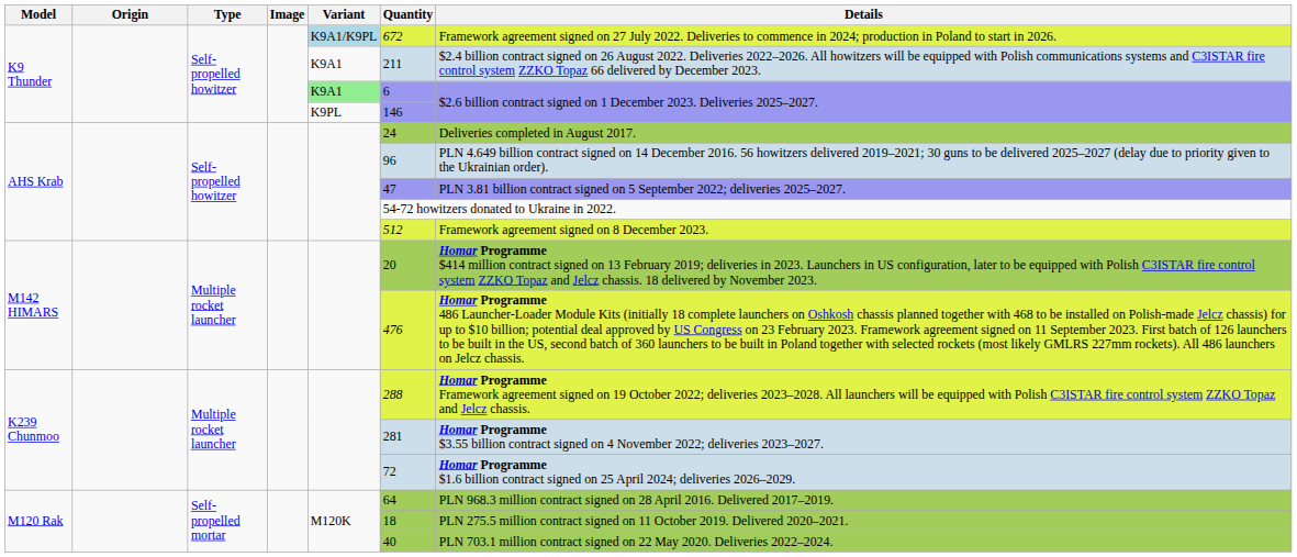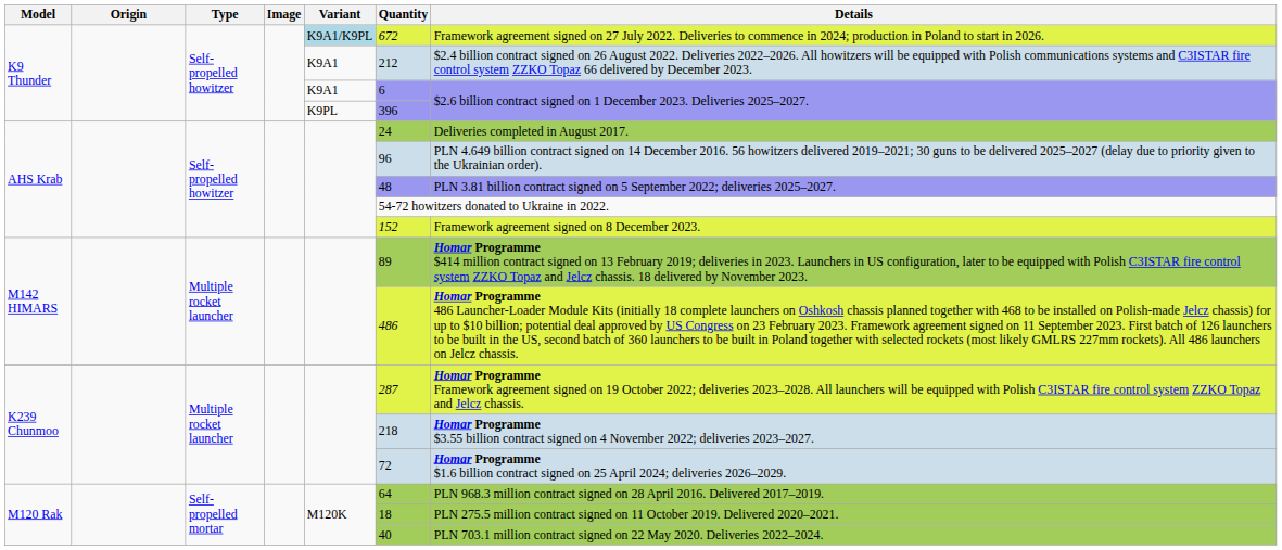 <table class="wikitable" width="100%">
 <tr>
 <th>Model</th>
 <th width="9%">Origin</th>
 <th>Type</th>
 <th>Image</th>
 <th>Variant</th>
 <th>Quantity</th>
 <th>Details</th>
 </tr>
 <tr>
 <td rowspan=4><a href='#'>K9 Thunder</a></td>
 <td rowspan=4></td>
 <td rowspan=4><a href='#'>Self-propelled howitzer</a></td>
 <td rowspan=4></td>
 <td style="background: lightblue;">K9A1/K9PL</td>
 <td style="background:#e1f249"><em>672</em></td>
 <td style="background:#e1f249">Framework agreement signed on 27 July 2022. Deliveries to commence in 2024; production in Poland to start in 2026.</td>
 </tr>
 <tr>
 <td>K9A1</td>
-<td style="background:#ccdee9">211</td>
+<td style="background:#ccdee9">212</td>
 <td style="background:#ccdee9">$2.4 billion contract signed on 26 August 2022. Deliveries 2022–2026. All howitzers will be equipped with Polish communications systems and <a href='#'>C3ISTAR fire control system</a> <a href='#'>ZZKO Topaz</a> 66 delivered by December 2023.</td>
 </tr>
 <tr>
-<td style="background: lightgreen;">K9A1</td>
+<td>K9A1</td>
 <td style="background:#9997f0">6</td>
 <td rowspan=2 style="background:#9997f0">$2.6 billion contract signed on 1 December 2023. Deliveries 2025–2027.</td>
 </tr>
 <tr>
 <td>K9PL</td>
-<td style="background:#9997f0">146</td>
+<td style="background:#9997f0">396</td>
 </tr>
 <tr>
 <td rowspan=5><a href='#'>AHS Krab</a></td>
 <td rowspan=5></td>
 <td rowspan=5><a href='#'>Self-propelled howitzer</a></td>
 <td rowspan=5></td>
 <td rowspan=5></td>
 <td style="background:#a2cd5a">24</td>
 <td style="background:#a2cd5a">Deliveries completed in August 2017.</td>
 </tr>
 <tr>
 <td style="background:#ccdee9">96</td>
 <td style="background:#ccdee9">PLN 4.649 billion contract signed on 14 December 2016. 56 howitzers delivered 2019–2021; 30 guns to be delivered 2025–2027 (delay due to priority given to the Ukrainian order).</td>
 </tr>
 <tr>
-<td style="background:#9997f0">47</td>
+<td style="background:#9997f0">48</td>
 <td style="background:#9997f0">PLN 3.81 billion contract signed on 5 September 2022; deliveries 2025–2027.</td>
 </tr>
 <tr>
 <td colspan=2>54-72 howitzers donated to Ukraine in 2022.</td>
 </tr>
 <tr>
-<td style="background:#e1f249"><em>512</em></td>
+<td style="background:#e1f249"><em>152</em></td>
 <td style="background:#e1f249">Framework agreement signed on 8 December 2023.</td>
 </tr>
 <tr>
 <td rowspan=2><a href='#'>M142 HIMARS</a></td>
 <td rowspan=2></td>
 <td rowspan=2><a href='#'>Multiple rocket launcher</a></td>
 <td rowspan=2></td>
 <td rowspan=2></td>
-<td style="background:#a2cd5a">20</td>
+<td style="background:#a2cd5a">89</td>
 <td style="background:#a2cd5a"><strong><a href='#'><em>Homar</em></a> Programme</strong><br>$414 million contract signed on 13 February 2019; deliveries in 2023. Launchers in US configuration, later to be equipped with Polish <a href='#'>C3ISTAR fire control system</a> <a href='#'>ZZKO Topaz</a> and <a href='#'>Jelcz</a> chassis. 18 delivered by November 2023.</td>
 </tr>
 <tr>
-<td style="background:#e1f249"><em>476</em></td>
+<td style="background:#e1f249"><em>486</em></td>
 <td style="background:#e1f249"><strong><a href='#'><em>Homar</em></a> Programme</strong><br>486 Launcher-Loader Module Kits (initially 18 complete launchers on <a href='#'>Oshkosh</a> chassis planned together with 468 to be installed on Polish-made <a href='#'>Jelcz</a> chassis) for up to $10 billion; potential deal approved by <a href='#'>US Congress</a> on 23 February 2023. Framework agreement signed on 11 September 2023. First batch of 126 launchers to be built in the US, second batch of 360 launchers to be built in Poland together with selected rockets (most likely GMLRS 227mm rockets). All 486 launchers on Jelcz chassis.</td>
 </tr>
 <tr>
 <td rowspan=3><a href='#'>K239 Chunmoo</a></td>
 <td rowspan=3></td>
 <td rowspan=3><a href='#'>Multiple rocket launcher</a></td>
 <td rowspan=3></td>
 <td rowspan=3></td>
-<td style="background:#e1f249"><em>288</em></td>
+<td style="background:#e1f249"><em>287</em></td>
 <td style="background:#e1f249"><strong><a href='#'><em>Homar</em></a> Programme</strong><br>Framework agreement signed on 19 October 2022; deliveries 2023–2028. All launchers will be equipped with Polish <a href='#'>C3ISTAR fire control system</a> <a href='#'>ZZKO Topaz</a> and <a href='#'>Jelcz</a> chassis.</td>
 </tr>
 <tr>
-<td style="background:#ccdee9">281</td>
+<td style="background:#ccdee9">218</td>
 <td style="background:#ccdee9"><strong><a href='#'><em>Homar</em></a> Programme</strong><br>$3.55 billion contract signed on 4 November 2022; deliveries 2023–2027.</td>
 </tr>
 <tr>
 <td style="background:#ccdee9">72</td>
 <td style="background:#ccdee9"><strong><a href='#'><em>Homar</em></a> Programme</strong><br>$1.6 billion contract signed on 25 April 2024; deliveries 2026–2029.</td>
 </tr>
 <tr>
 <td rowspan=3><a href='#'>M120 Rak</a></td>
 <td rowspan=3></td>
 <td rowspan=3><a href='#'>Self-propelled mortar</a></td>
 <td rowspan=3></td>
 <td rowspan=3>M120K</td>
 <td style="background:#a2cd5a">64</td>
 <td style="background:#a2cd5a">PLN 968.3 million contract signed on 28 April 2016. Delivered 2017–2019.</td>
 </tr>
 <tr>
 <td style="background:#a2cd5a">18</td>
 <td style="background:#a2cd5a">PLN 275.5 million contract signed on 11 October 2019. Delivered 2020–2021.</td>
 </tr>
 <tr>
 <td style="background:#a2cd5a">40</td>
 <td style="background:#a2cd5a">PLN 703.1 million contract signed on 22 May 2020. Deliveries 2022–2024.</td>
 </tr>
 </table>
